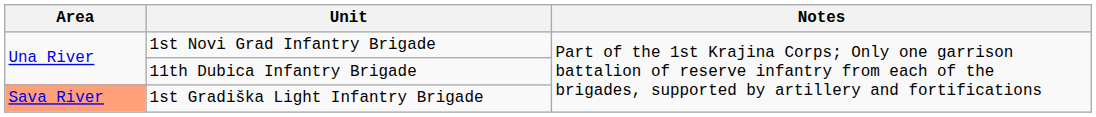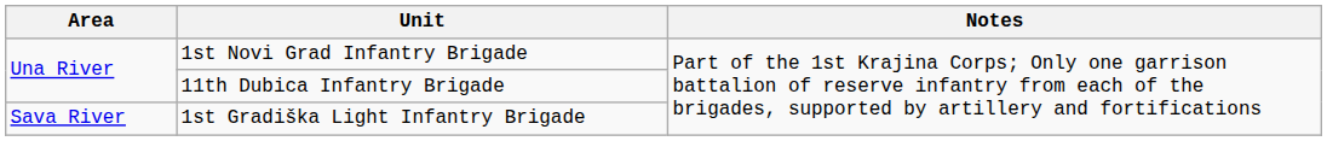 <table class="plainrowheaders wikitable collapsible collapsed" style="cellspacing=2px; text-align:left; font-size:90%;" width=800px>
 <tr style="font-size:100%; text-align:right;">
 <th style="width:100px;" scope="col">Area</th>
 <th style="width:300px;" scope="col">Unit</th>
 <th style="width:400px;" scope="col">Notes</th>
 </tr>
 <tr>
 <td rowspan=2><a href='#'>Una River</a></td>
 <td>1st Novi Grad Infantry Brigade</td>
 <td rowspan=3>Part of the 1st Krajina Corps; Only one garrison battalion of reserve infantry from each of the brigades, supported by artillery and fortifications</td>
 </tr>
 <tr>
 <td>11th Dubica Infantry Brigade</td>
 </tr>
 <tr>
-<td style="background: lightsalmon;"><a href='#'>Sava River</a></td>
+<td><a href='#'>Sava River</a></td>
 <td>1st Gradiška Light Infantry Brigade</td>
 </tr>
 </table>
